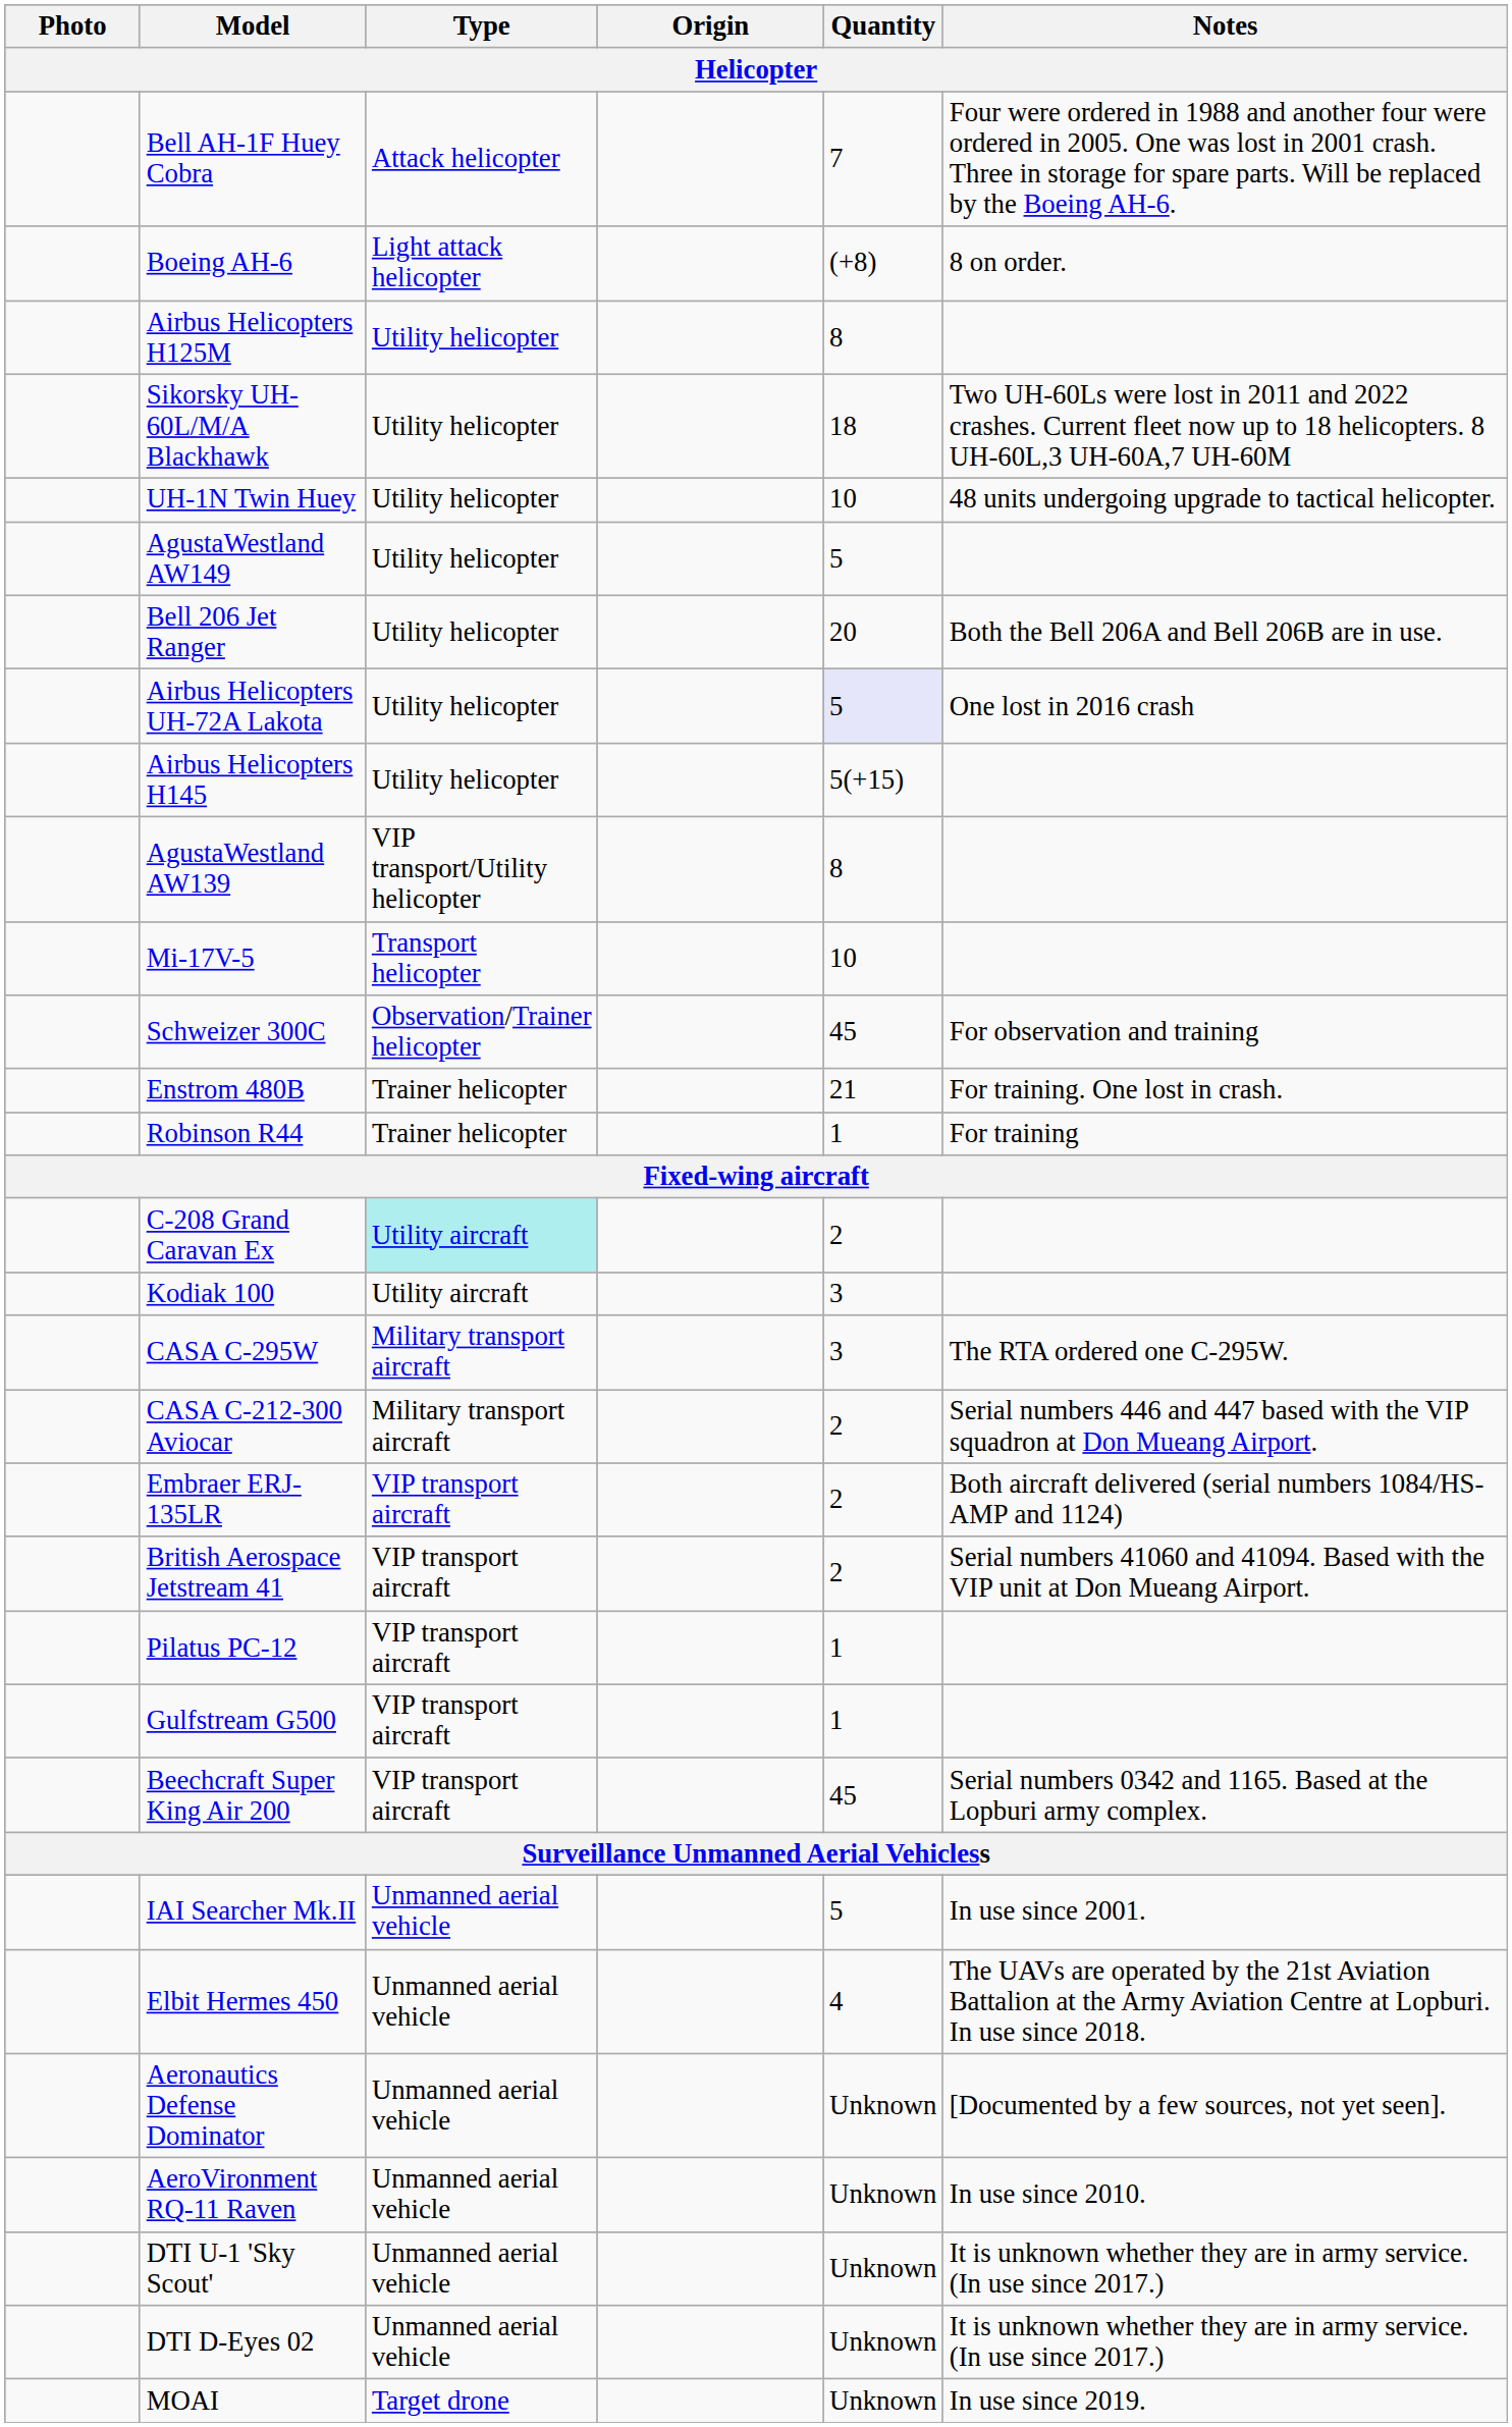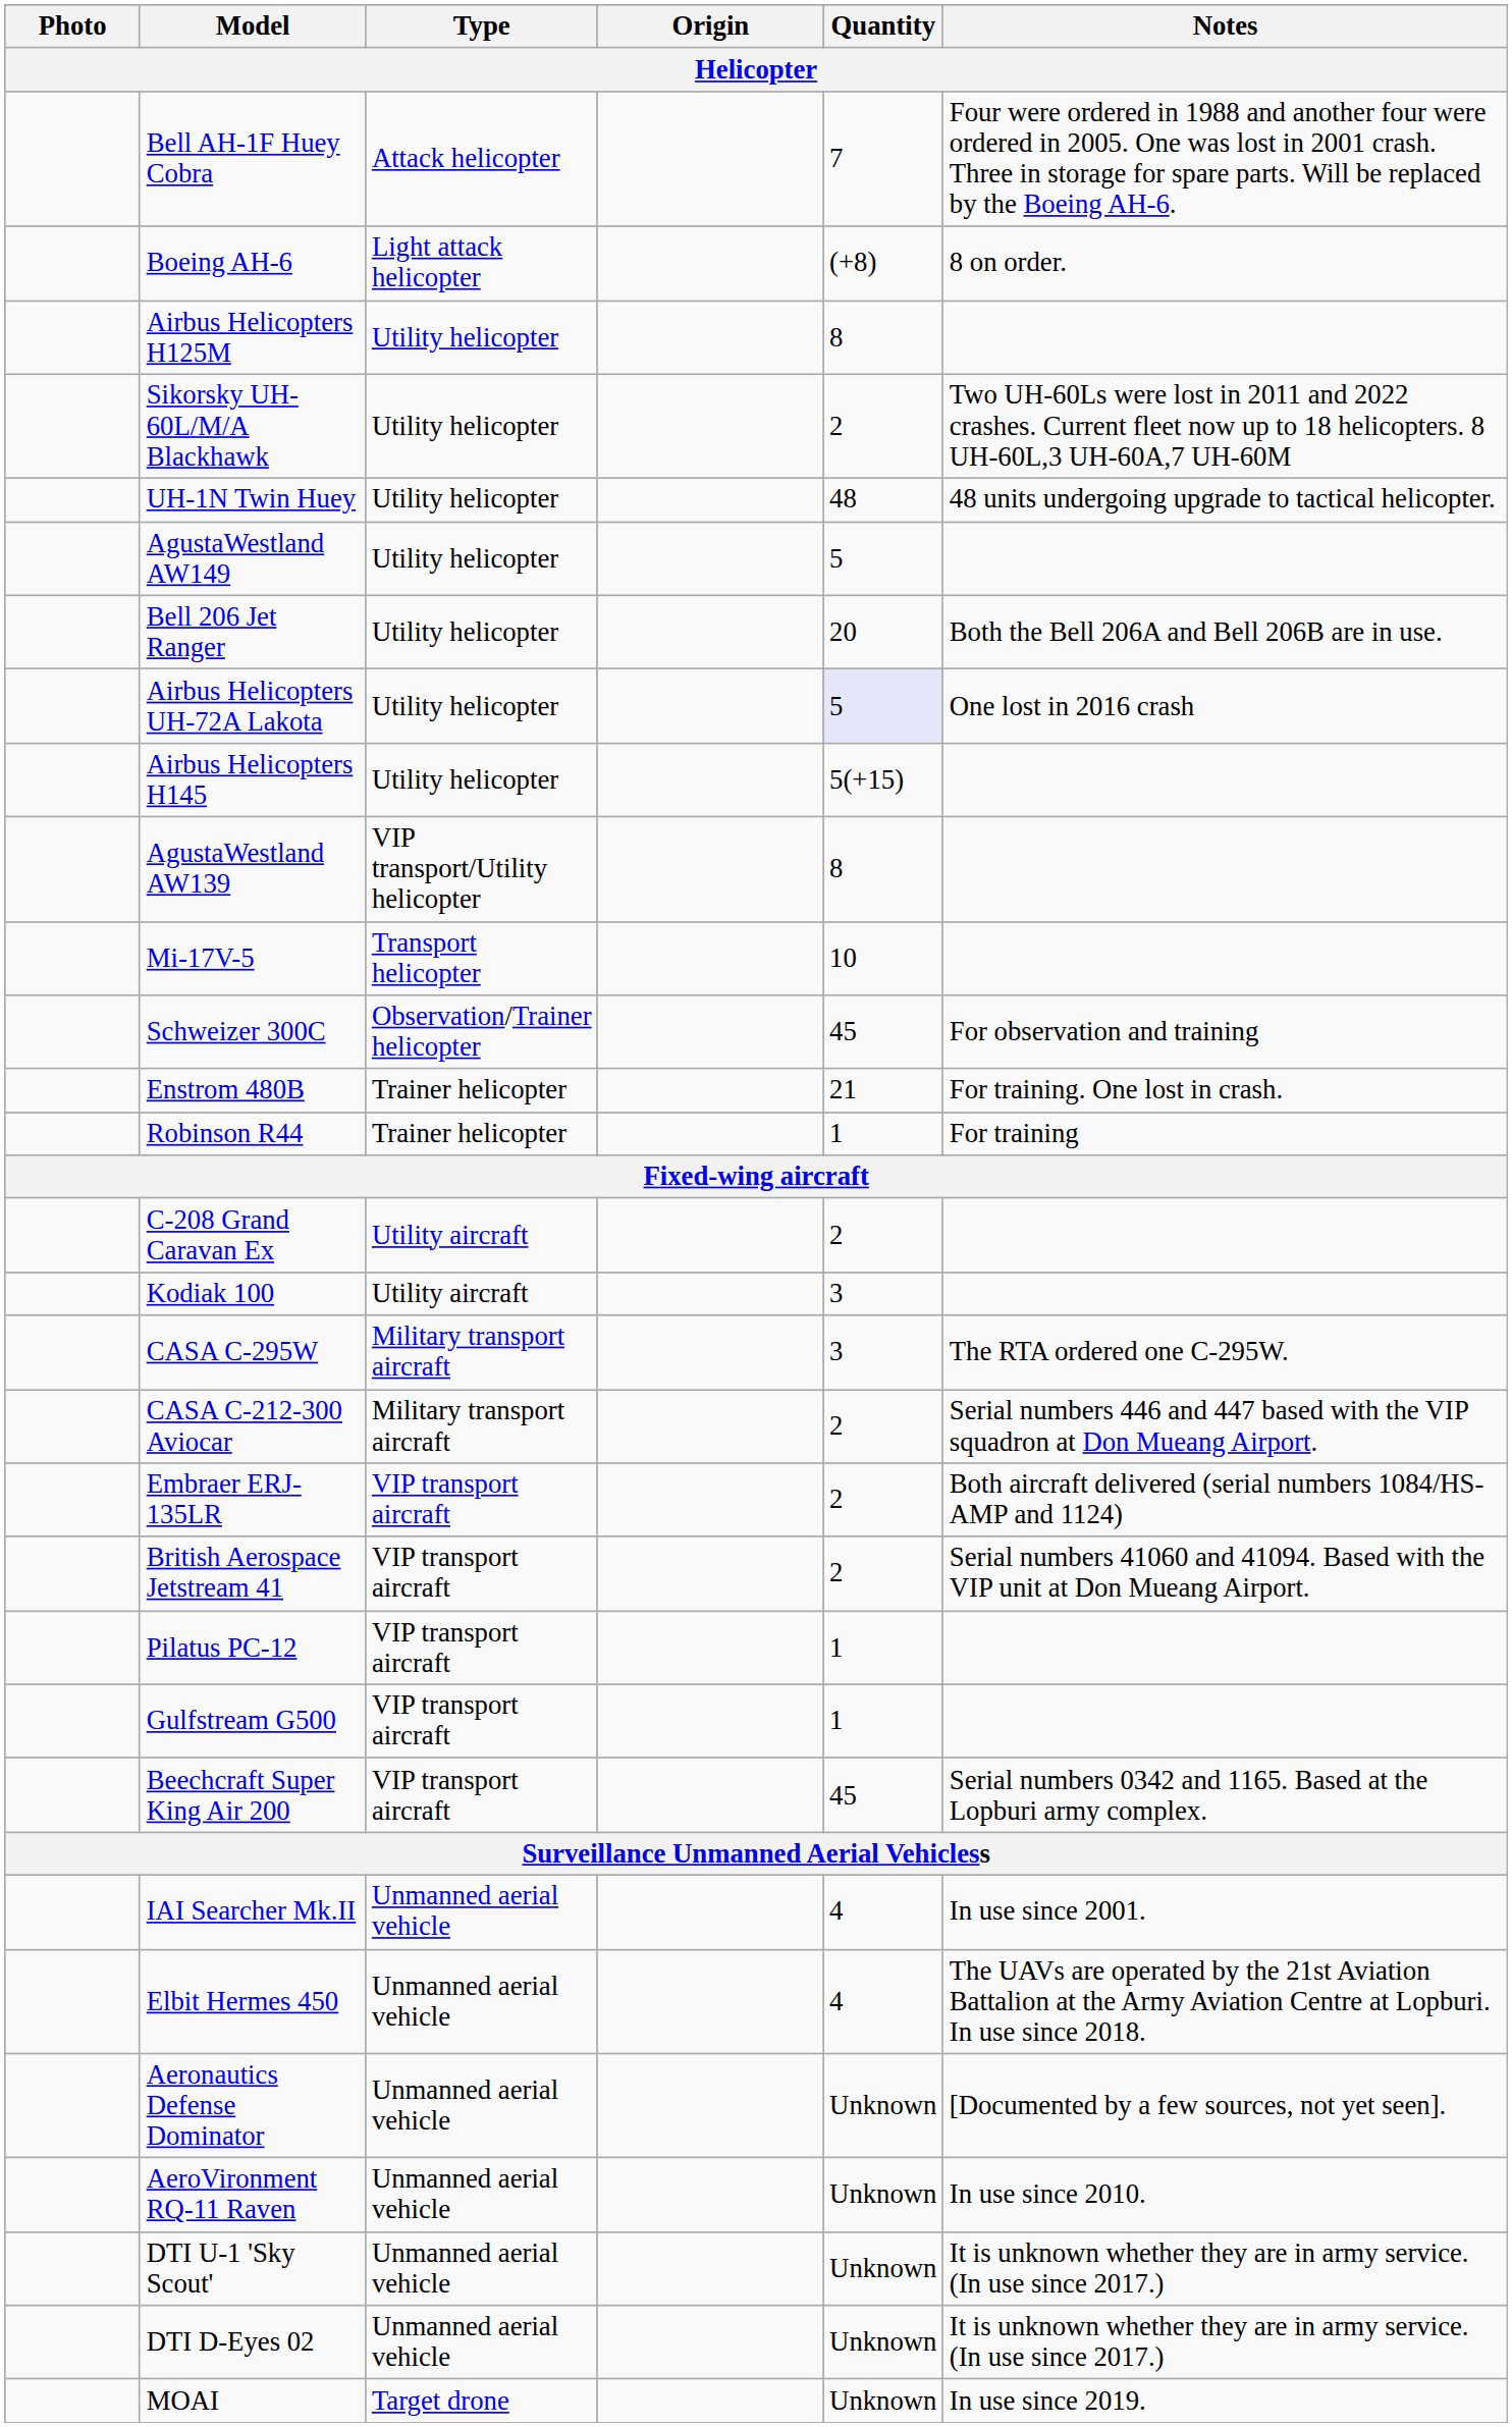 <table class="wikitable" style="width:100%;">
 <tr>
 <th style="width:9%;">Photo</th>
 <th style="width:15%;">Model</th>
 <th style="width:15%;">Type</th>
 <th style="width:15%;">Origin</th>
 <th style="width:5%;">Quantity</th>
 <th>Notes</th>
 </tr>
 <tr>
 <th style="align: centre;" colspan="7"><a href='#'>Helicopter</a></th>
 </tr>
 <tr>
 <td></td>
 <td><a href='#'>Bell AH-1F Huey Cobra</a></td>
 <td><a href='#'>Attack helicopter</a></td>
 <td></td>
 <td>7</td>
 <td>Four were ordered in 1988 and another four were ordered in 2005. One was lost in 2001 crash. Three in storage for spare parts. Will be replaced by the <a href='#'>Boeing AH-6</a>.</td>
 </tr>
 <tr>
 <td></td>
 <td><a href='#'>Boeing AH-6</a></td>
 <td><a href='#'>Light attack helicopter</a></td>
 <td></td>
 <td>(+8)</td>
 <td>8 on order.</td>
 </tr>
 <tr>
 <td></td>
 <td><a href='#'>Airbus Helicopters H125M</a></td>
 <td><a href='#'>Utility helicopter</a></td>
 <td></td>
 <td>8</td>
 <td></td>
 </tr>
 <tr>
 <td></td>
 <td><a href='#'>Sikorsky UH-60L/M/A Blackhawk</a></td>
 <td>Utility helicopter</td>
 <td></td>
-<td>18</td>
+<td>2</td>
 <td>Two UH-60Ls were  lost in 2011 and 2022 crashes. Current fleet now up to 18 helicopters. 8 UH-60L,3 UH-60A,7 UH-60M</td>
 </tr>
 <tr>
 <td></td>
 <td><a href='#'>UH-1N Twin Huey</a></td>
 <td>Utility helicopter</td>
 <td></td>
-<td>10</td>
+<td>48</td>
 <td>48 units undergoing upgrade to tactical helicopter.</td>
 </tr>
 <tr>
 <td></td>
 <td><a href='#'>AgustaWestland AW149</a></td>
 <td>Utility helicopter</td>
 <td></td>
 <td>5</td>
 <td></td>
 </tr>
 <tr>
 <td></td>
 <td><a href='#'>Bell 206 Jet Ranger</a></td>
 <td>Utility helicopter</td>
 <td></td>
 <td>20</td>
 <td>Both the Bell 206A and Bell 206B are in use.</td>
 </tr>
 <tr>
 <td></td>
 <td><a href='#'>Airbus Helicopters UH-72A Lakota</a></td>
 <td>Utility helicopter</td>
 <td></td>
 <td style="background: lavender;">5</td>
 <td>One lost in 2016 crash </td>
 </tr>
 <tr>
 <td></td>
 <td><a href='#'>Airbus Helicopters H145</a></td>
 <td>Utility helicopter</td>
 <td></td>
 <td>5(+15)</td>
 <td></td>
 </tr>
 <tr>
 <td></td>
 <td><a href='#'>AgustaWestland AW139</a></td>
 <td>VIP transport/Utility helicopter</td>
 <td></td>
 <td>8</td>
 <td></td>
 </tr>
 <tr>
 <td></td>
 <td><a href='#'>Mi-17V-5</a></td>
 <td><a href='#'>Transport helicopter</a></td>
 <td></td>
 <td>10</td>
 <td></td>
 </tr>
 <tr>
 <td></td>
 <td><a href='#'>Schweizer 300C</a></td>
 <td><a href='#'>Observation</a>/<a href='#'>Trainer helicopter</a></td>
 <td></td>
 <td>45</td>
 <td>For observation and training </td>
 </tr>
 <tr>
 <td></td>
 <td><a href='#'>Enstrom 480B</a></td>
 <td>Trainer helicopter</td>
 <td></td>
 <td>21</td>
 <td>For training. One lost in crash.</td>
 </tr>
 <tr>
 <td></td>
 <td><a href='#'>Robinson R44</a></td>
 <td>Trainer helicopter</td>
 <td></td>
 <td>1</td>
 <td>For training </td>
 </tr>
 <tr>
 <th style="align: centre;" colspan="7"><a href='#'>Fixed-wing aircraft</a></th>
 </tr>
 <tr>
 <td></td>
 <td><a href='#'>C-208 Grand Caravan Ex</a></td>
-<td style="background: paleturquoise;"><a href='#'>Utility aircraft</a></td>
+<td><a href='#'>Utility aircraft</a></td>
 <td></td>
 <td>2</td>
 <td></td>
 </tr>
 <tr>
 <td></td>
 <td><a href='#'>Kodiak 100</a></td>
 <td>Utility aircraft</td>
 <td></td>
 <td>3</td>
 <td></td>
 </tr>
 <tr>
 <td></td>
 <td><a href='#'>CASA C-295W</a></td>
 <td><a href='#'>Military transport aircraft</a></td>
 <td></td>
 <td>3</td>
 <td>The RTA ordered one C-295W.</td>
 </tr>
 <tr>
 <td></td>
 <td><a href='#'>CASA C-212-300 Aviocar</a></td>
 <td>Military transport aircraft</td>
 <td></td>
 <td>2</td>
 <td>Serial numbers 446 and 447 based with the VIP squadron at <a href='#'>Don Mueang Airport</a>.</td>
 </tr>
 <tr>
 <td></td>
 <td><a href='#'>Embraer ERJ-135LR</a></td>
 <td><a href='#'>VIP transport aircraft</a></td>
 <td></td>
 <td>2</td>
 <td>Both aircraft delivered (serial numbers 1084/HS-AMP and 1124)</td>
 </tr>
 <tr>
 <td></td>
 <td><a href='#'>British Aerospace Jetstream 41</a></td>
 <td>VIP transport aircraft</td>
 <td></td>
 <td>2</td>
 <td>Serial numbers 41060 and 41094. Based with the VIP unit at Don Mueang Airport.</td>
 </tr>
 <tr>
 <td></td>
 <td><a href='#'>Pilatus PC-12</a></td>
 <td>VIP transport aircraft</td>
 <td></td>
 <td>1</td>
 <td></td>
 </tr>
 <tr>
 <td></td>
 <td><a href='#'>Gulfstream G500</a></td>
 <td>VIP transport aircraft</td>
 <td></td>
 <td>1</td>
 <td></td>
 </tr>
 <tr>
 <td></td>
 <td><a href='#'>Beechcraft Super King Air 200</a></td>
 <td>VIP transport aircraft</td>
 <td></td>
 <td>45</td>
 <td>Serial numbers 0342 and 1165. Based at the Lopburi army complex.</td>
 </tr>
 <tr>
 <th style="align: centre;" colspan="7"><a href='#'>Surveillance Unmanned Aerial Vehicles</a>s</th>
 </tr>
 <tr>
 <td></td>
 <td><a href='#'>IAI Searcher Mk.II</a></td>
 <td><a href='#'>Unmanned aerial vehicle</a></td>
 <td></td>
-<td>5</td>
+<td>4</td>
 <td>In use since 2001.</td>
 </tr>
 <tr>
 <td></td>
 <td><a href='#'>Elbit Hermes 450</a></td>
 <td>Unmanned aerial vehicle</td>
 <td></td>
 <td>4</td>
 <td>The UAVs are operated by the 21st Aviation Battalion at the Army Aviation Centre at Lopburi. In use since 2018.</td>
 </tr>
 <tr>
 <td></td>
 <td><a href='#'>Aeronautics Defense Dominator</a></td>
 <td>Unmanned aerial vehicle</td>
 <td></td>
 <td>Unknown</td>
 <td>[Documented by a few sources, not yet seen].</td>
 </tr>
 <tr>
 <td></td>
 <td><a href='#'>AeroVironment RQ-11 Raven</a></td>
 <td>Unmanned aerial vehicle</td>
 <td></td>
 <td>Unknown</td>
 <td>In use since 2010.</td>
 </tr>
 <tr>
 <td></td>
 <td>DTI U-1 'Sky Scout'</td>
 <td>Unmanned aerial vehicle</td>
 <td></td>
 <td>Unknown</td>
 <td>It is unknown whether they are in army service. (In use since 2017.)</td>
 </tr>
 <tr>
 <td></td>
 <td>DTI D-Eyes 02</td>
 <td>Unmanned aerial vehicle</td>
 <td></td>
 <td>Unknown</td>
 <td>It is unknown whether they are in army service. (In use since 2017.)</td>
 </tr>
 <tr>
 <td></td>
 <td>MOAI</td>
 <td><a href='#'>Target drone</a></td>
 <td></td>
 <td>Unknown</td>
 <td>In use since 2019.</td>
 </tr>
 </table>
